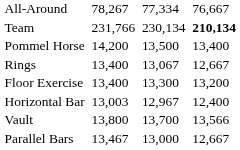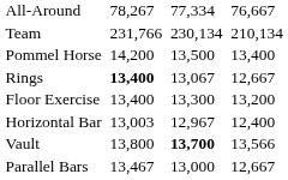 <table>
 <tr>
 <td>All-Around</td>
 <td></td>
 <td>78,267</td>
 <td></td>
 <td>77,334</td>
 <td></td>
 <td>76,667</td>
 </tr>
 <tr>
 <td>Team</td>
 <td></td>
 <td>231,766</td>
 <td></td>
 <td>230,134</td>
 <td></td>
-<td><strong>210,134</strong></td>
+<td>210,134</td>
 </tr>
 <tr>
 <td>Pommel Horse</td>
 <td></td>
 <td>14,200</td>
 <td></td>
 <td>13,500</td>
 <td></td>
 <td>13,400</td>
 </tr>
 <tr>
 <td>Rings</td>
 <td></td>
-<td>13,400</td>
+<td><strong>13,400</strong></td>
 <td></td>
 <td>13,067</td>
 <td></td>
 <td>12,667</td>
 </tr>
 <tr>
 <td>Floor Exercise</td>
 <td></td>
 <td>13,400</td>
 <td></td>
 <td>13,300</td>
 <td></td>
 <td>13,200</td>
 </tr>
 <tr>
 <td>Horizontal Bar</td>
 <td></td>
 <td>13,003</td>
 <td></td>
 <td>12,967</td>
 <td></td>
 <td>12,400</td>
 </tr>
 <tr>
 <td>Vault</td>
 <td></td>
 <td>13,800</td>
 <td></td>
-<td>13,700</td>
+<td><strong>13,700</strong></td>
 <td></td>
 <td>13,566</td>
 </tr>
 <tr>
 <td>Parallel Bars</td>
 <td></td>
 <td>13,467</td>
 <td></td>
 <td>13,000</td>
 <td></td>
 <td>12,667</td>
 </tr>
 </table>
